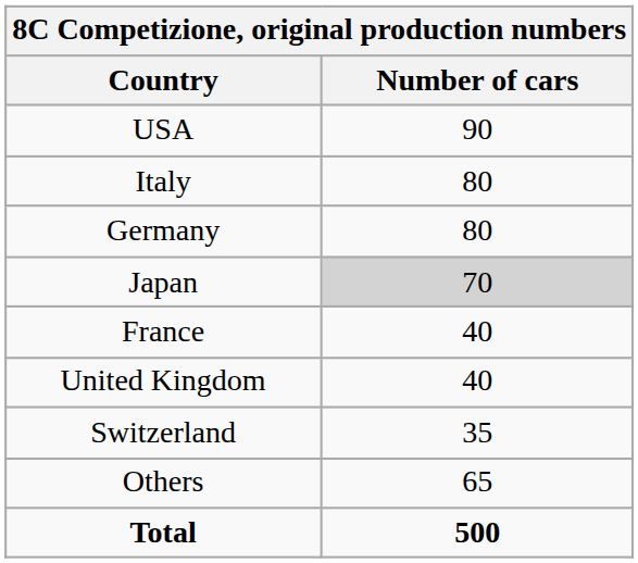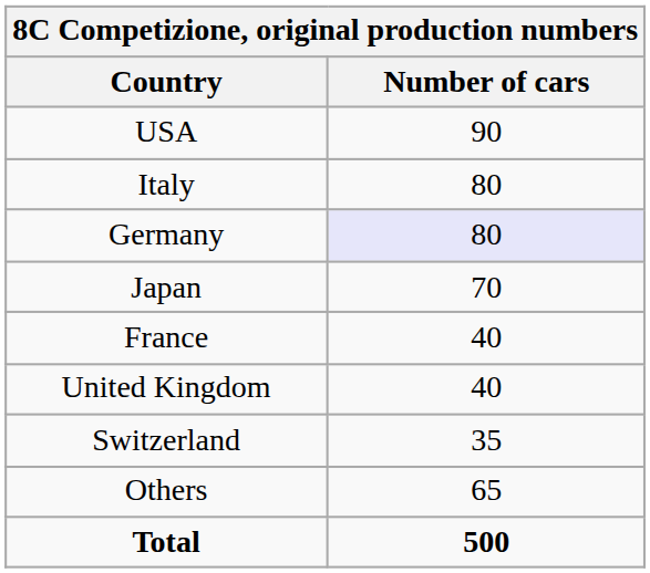 <table class="wikitable" style="text-align:center; font-size:85%; float:right;">
 <tr>
 <th colspan="2">8C Competizione, original production numbers</th>
 </tr>
 <tr>
 <th>Country</th>
 <th>Number of cars</th>
 </tr>
 <tr>
 <td>USA</td>
 <td>90</td>
 </tr>
 <tr>
 <td>Italy</td>
 <td>80</td>
 </tr>
 <tr>
 <td>Germany</td>
-<td>80</td>
+<td style="background: lavender;">80</td>
 </tr>
 <tr>
 <td>Japan</td>
-<td style="background: lightgrey;">70</td>
+<td>70</td>
 </tr>
 <tr>
 <td>France</td>
 <td>40</td>
 </tr>
 <tr>
 <td>United Kingdom</td>
 <td>40</td>
 </tr>
 <tr>
 <td>Switzerland</td>
 <td>35</td>
 </tr>
 <tr>
 <td>Others</td>
 <td>65</td>
 </tr>
 <tr>
 <td><strong>Total</strong></td>
 <td><strong>500</strong></td>
 </tr>
 </table>
